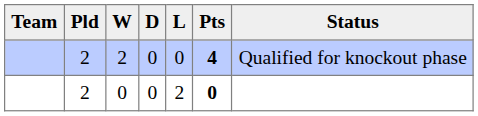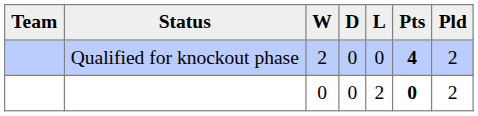 <table style=border-collapse:collapse border=1 cellspacing=0 cellpadding=5>
 <tr align=center bgcolor=#efefef>
 <th>Team</th>
-<th>Pld</th>
+<th>Status</th>
 <th>W</th>
 <th>D</th>
 <th>L</th>
 <th>Pts</th>
-<th>Status</th>
+<th>Pld</th>
 </tr>
 <tr align=center style="background:#bbccff;">
 <td style="text-align:left;"> </td>
-<td>2</td>
+<td rowspan=1>Qualified for knockout phase</td>
 <td>2</td>
 <td>0</td>
 <td>0</td>
 <td><strong>4</strong></td>
-<td rowspan=1>Qualified for knockout phase</td>
+<td>2</td>
 </tr>
 <tr align=center style="background:#FFFFFF;">
 <td style="text-align:left;"> </td>
-<td>2</td>
+<td rowspan=1></td>
 <td>0</td>
 <td>0</td>
 <td>2</td>
 <td><strong>0</strong></td>
-<td rowspan=1></td>
+<td>2</td>
 </tr>
 </table>
